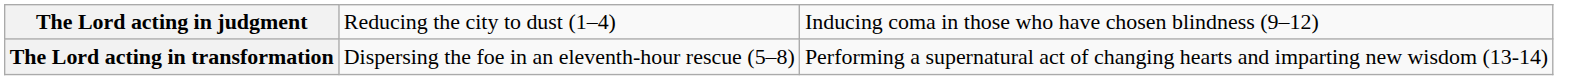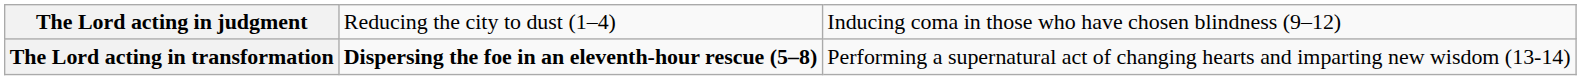 <table class=wikitable>
 <tr>
 <th>The Lord acting in judgment</th>
 <td>Reducing the city to dust (1–4)</td>
 <td>Inducing coma in those who have chosen blindness (9–12)</td>
 </tr>
 <tr>
 <th>The Lord acting in transformation</th>
-<td>Dispersing the foe in an eleventh-hour rescue (5–8)</td>
+<td><strong>Dispersing the foe in an eleventh-hour rescue (5–8)</strong></td>
 <td>Performing a supernatural act of changing hearts and imparting new wisdom (13-14)</td>
 </tr>
 </table>
